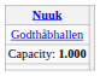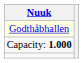 <table class="wikitable" style="text-align:center">
 <tr>
 <th><a href='#'>Nuuk</a></th>
 <th rowspan=4></th>
 </tr>
 <tr>
-<td><a href='#'>Godthåbhallen</a></td>
+<td style="background: lightyellow;"><a href='#'>Godthåbhallen</a></td>
 </tr>
 <tr>
 <td>Capacity: <strong>1.000</strong></td>
 </tr>
 <tr>
 <td></td>
 </tr>
 </table>
